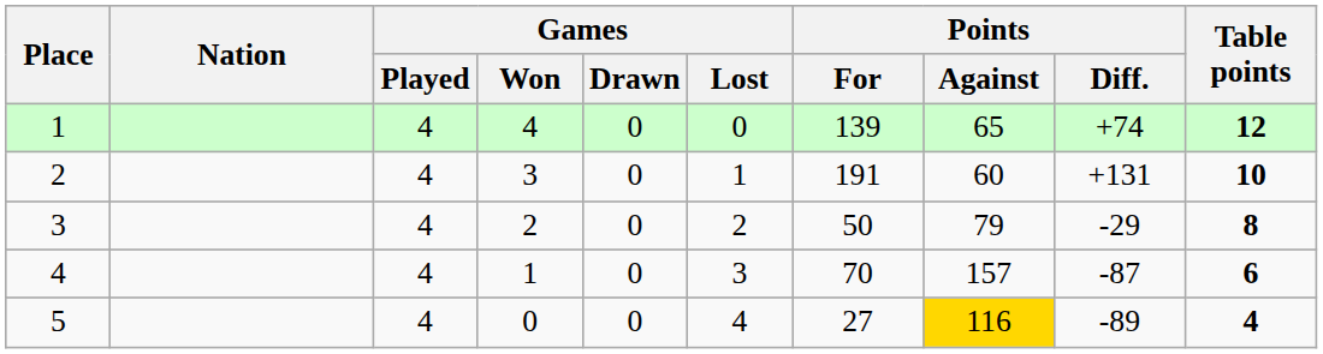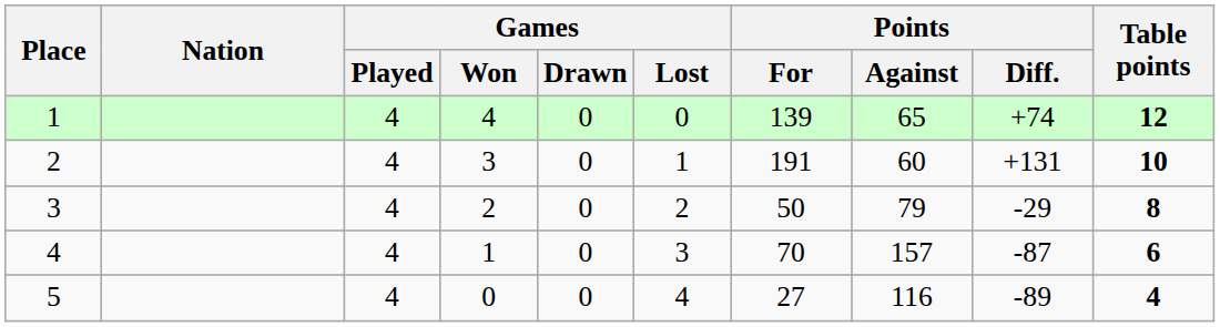 <table class="wikitable" style="text-align:center">
 <tr>
 <th rowspan="2" style="width:8%">Place</th>
 <th rowspan="2" style="width:20%">Nation</th>
 <th colspan="4" style="width:32%">Games</th>
 <th colspan="3" style="width:30%">Points</th>
 <th rowspan="2" style="width:10%">Table<br>points</th>
 </tr>
 <tr>
 <th style="width:8%">Played</th>
 <th style="width:8%">Won</th>
 <th style="width:8%">Drawn</th>
 <th style="width:8%">Lost</th>
 <th style="width:10%">For</th>
 <th style="width:10%">Against</th>
 <th style="width:10%">Diff.</th>
 </tr>
 <tr style="background:#cfc">
 <td>1</td>
 <td align=left><strong></strong></td>
 <td>4</td>
 <td>4</td>
 <td>0</td>
 <td>0</td>
 <td>139</td>
 <td>65</td>
 <td>+74</td>
 <td><strong>12</strong></td>
 </tr>
 <tr>
 <td>2</td>
 <td align=left></td>
 <td>4</td>
 <td>3</td>
 <td>0</td>
 <td>1</td>
 <td>191</td>
 <td>60</td>
 <td>+131</td>
 <td><strong>10</strong></td>
 </tr>
 <tr>
 <td>3</td>
 <td align=left></td>
 <td>4</td>
 <td>2</td>
 <td>0</td>
 <td>2</td>
 <td>50</td>
 <td>79</td>
 <td>-29</td>
 <td><strong>8</strong></td>
 </tr>
 <tr>
 <td>4</td>
 <td align=left></td>
 <td>4</td>
 <td>1</td>
 <td>0</td>
 <td>3</td>
 <td>70</td>
 <td>157</td>
 <td>-87</td>
 <td><strong>6</strong></td>
 </tr>
 <tr>
 <td>5</td>
 <td align=left><em></em></td>
 <td>4</td>
 <td>0</td>
 <td>0</td>
 <td>4</td>
 <td>27</td>
-<td style="background: gold;">116</td>
+<td>116</td>
 <td>-89</td>
 <td><strong>4</strong></td>
 </tr>
 </table>
